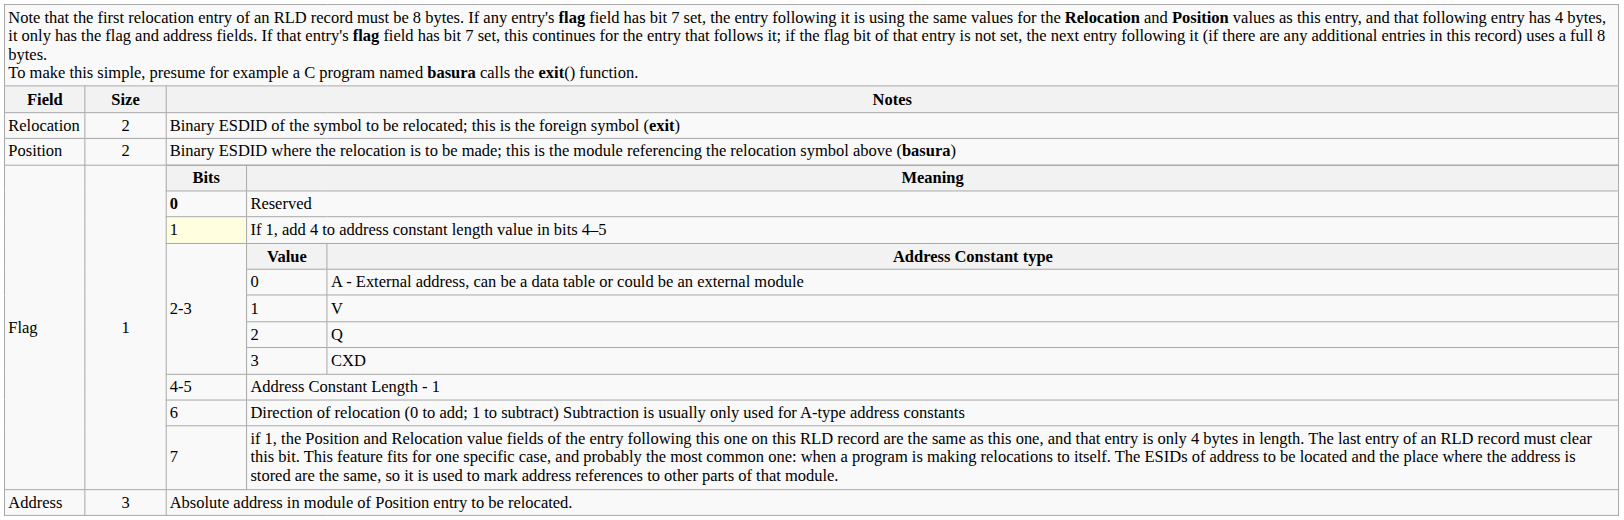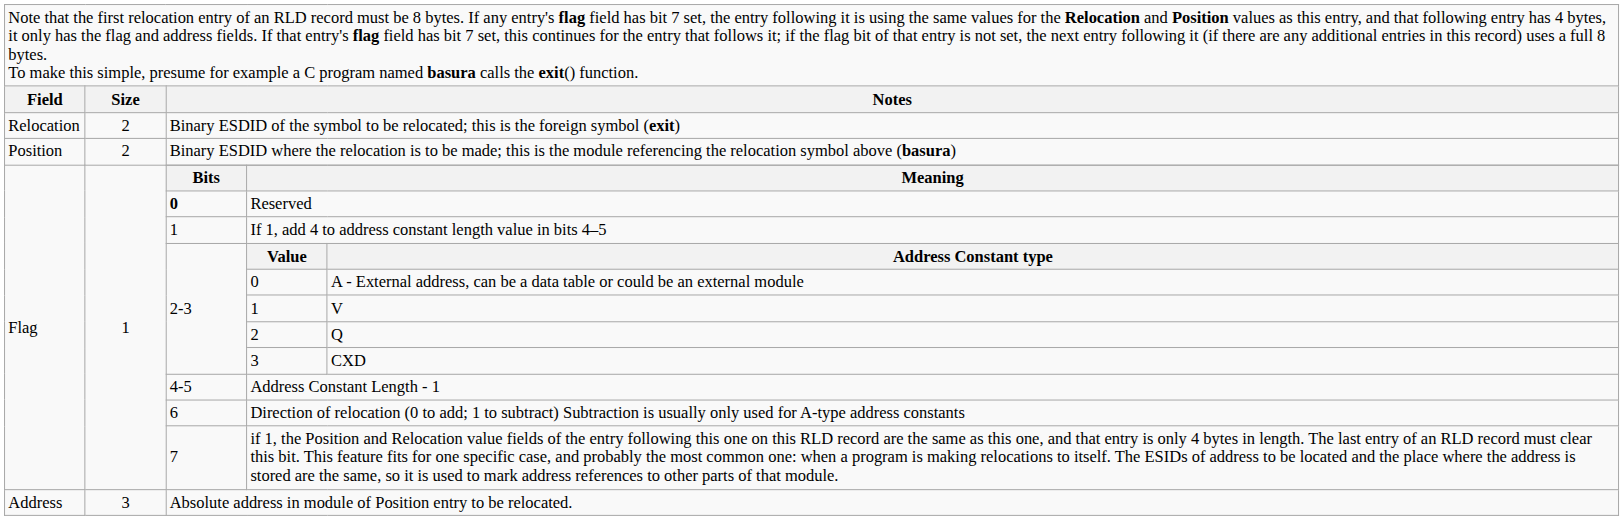 <table class="wikitable" border="1">
 <tr>
 <td colspan=5>Note that the first relocation entry of an RLD record must be 8 bytes. If any entry's <strong>flag</strong> field has bit 7 set, the entry following it is using the same values for the <strong>Relocation</strong> and <strong>Position</strong> values as this entry, and that following entry has 4 bytes, it only has the flag and address fields. If that entry's <strong>flag</strong> field has bit 7 set, this continues for the entry that follows it; if the flag bit of that entry is not set, the next entry following it (if there are any additional entries in this record) uses a full 8 bytes.<br>To make this simple, presume for example a C program named <strong>basura</strong> calls the <strong>exit</strong>() function.</td>
 </tr>
 <tr>
 <th width=5%   style="text-align:center">Field</th>
 <th width=5%   style="text-align:center">Size</th>
 <th colspan=3 style="text-align:center">Notes</th>
 </tr>
 <tr>
 <td>Relocation</td>
 <td style="text-align:center">2</td>
 <td colspan=3>Binary ESDID of the symbol to be relocated; this is the foreign symbol (<strong>exit</strong>)</td>
 </tr>
 <tr>
 <td>Position</td>
 <td style="text-align:center">2</td>
 <td colspan=3>Binary ESDID where the relocation is to be made; this is the module referencing the relocation symbol above (<strong>basura</strong>)</td>
 </tr>
 <tr>
 <td rowspan=12>Flag</td>
 <td rowspan=12 style="text-align:center">1</td>
 </tr>
 <tr>
 <th width=5%>Bits</th>
 <th colspan=2>Meaning</th>
 </tr>
 <tr>
 <td><strong>0</strong></td>
 <td colspan=2>Reserved</td>
 </tr>
 <tr>
-<td style="background: lightyellow;">1</td>
+<td>1</td>
 <td colspan=2>If 1, add 4 to address constant length value in bits 4–5</td>
 </tr>
 <tr>
 <td Rowspan=5>2-3</td>
 <th>Value</th>
 <th>Address Constant type</th>
 </tr>
 <tr>
 <td width=5%>0</td>
 <td>A - External address, can be a data table or could be an external module</td>
 </tr>
 <tr>
 <td>1</td>
 <td>V</td>
 </tr>
 <tr>
 <td>2</td>
 <td>Q</td>
 </tr>
 <tr>
 <td>3</td>
 <td>CXD</td>
 </tr>
 <tr>
 <td>4-5</td>
 <td colspan=2>Address Constant Length - 1</td>
 </tr>
 <tr>
 <td>6</td>
 <td colspan=2>Direction of relocation (0 to add; 1 to subtract) Subtraction is usually only used for A-type address constants</td>
 </tr>
 <tr>
 <td>7</td>
 <td colspan=2>if 1, the Position and Relocation value fields of the entry following this one on this RLD record are the same as this one, and that entry is only 4 bytes in length. The last entry of an RLD record must clear this bit. This feature fits for one specific case, and probably the most common one: when a program is making relocations to itself. The ESIDs of address to be located and the place where the address is stored are the same, so it is used to mark address references to other parts of that module.</td>
 </tr>
 <tr>
 <td>Address</td>
 <td style="text-align:center">3</td>
 <td colspan=3>Absolute address in module of Position entry to be relocated.</td>
 </tr>
 </table>
